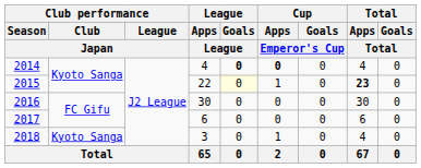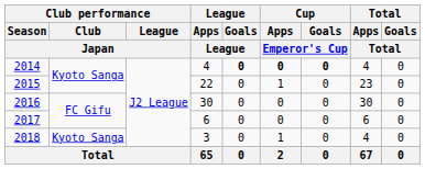 <table class="wikitable" style="text-align:center;">
 <tr>
 <th colspan=3>Club performance</th>
 <th colspan=2>League</th>
 <th colspan=2>Cup</th>
 <th colspan=2>Total</th>
 </tr>
 <tr>
 <th>Season</th>
 <th>Club</th>
 <th>League</th>
 <th>Apps</th>
 <th>Goals</th>
 <th>Apps</th>
 <th>Goals</th>
 <th>Apps</th>
 <th>Goals</th>
 </tr>
 <tr>
 <th colspan=3>Japan</th>
 <th colspan=2>League</th>
 <th colspan=2><a href='#'>Emperor's Cup</a></th>
 <th colspan=2>Total</th>
 </tr>
 <tr>
 <td><a href='#'>2014</a></td>
 <td rowspan="2"><a href='#'>Kyoto Sanga</a></td>
 <td rowspan="5"><a href='#'>J2 League</a></td>
 <td>4</td>
 <td><strong>0</strong></td>
 <td><strong>0</strong></td>
-<td>0</td>
+<td><strong>0</strong></td>
 <td>4</td>
 <td>0</td>
 </tr>
 <tr>
 <td><a href='#'>2015</a></td>
 <td>22</td>
-<td style="background: lightyellow;">0</td>
+<td>0</td>
 <td>1</td>
 <td>0</td>
-<td><strong>23</strong></td>
+<td>23</td>
 <td>0</td>
 </tr>
 <tr>
 <td><a href='#'>2016</a></td>
 <td rowspan="2"><a href='#'>FC Gifu</a></td>
 <td>30</td>
 <td>0</td>
 <td>0</td>
 <td>0</td>
 <td>30</td>
 <td>0</td>
 </tr>
 <tr>
 <td><a href='#'>2017</a></td>
 <td>6</td>
 <td>0</td>
 <td>0</td>
 <td>0</td>
 <td>6</td>
 <td>0</td>
 </tr>
 <tr>
 <td><a href='#'>2018</a></td>
 <td rowspan=1><a href='#'>Kyoto Sanga</a></td>
 <td>3</td>
 <td>0</td>
 <td>1</td>
 <td>0</td>
 <td>4</td>
 <td>0</td>
 </tr>
 <tr>
 <th colspan=3>Total</th>
 <th>65</th>
 <th>0</th>
 <th>2</th>
 <th>0</th>
 <th>67</th>
 <th>0</th>
 </tr>
 </table>
